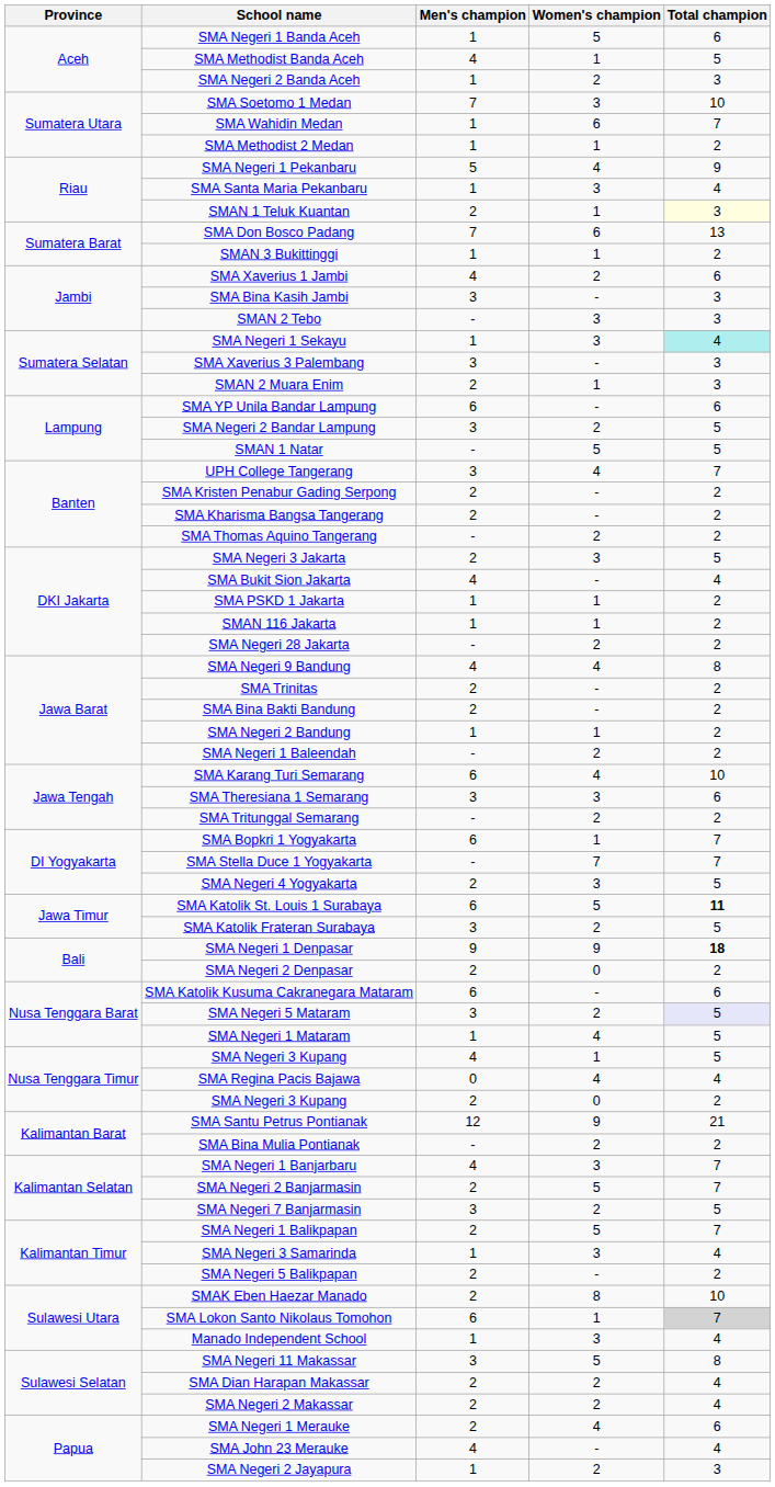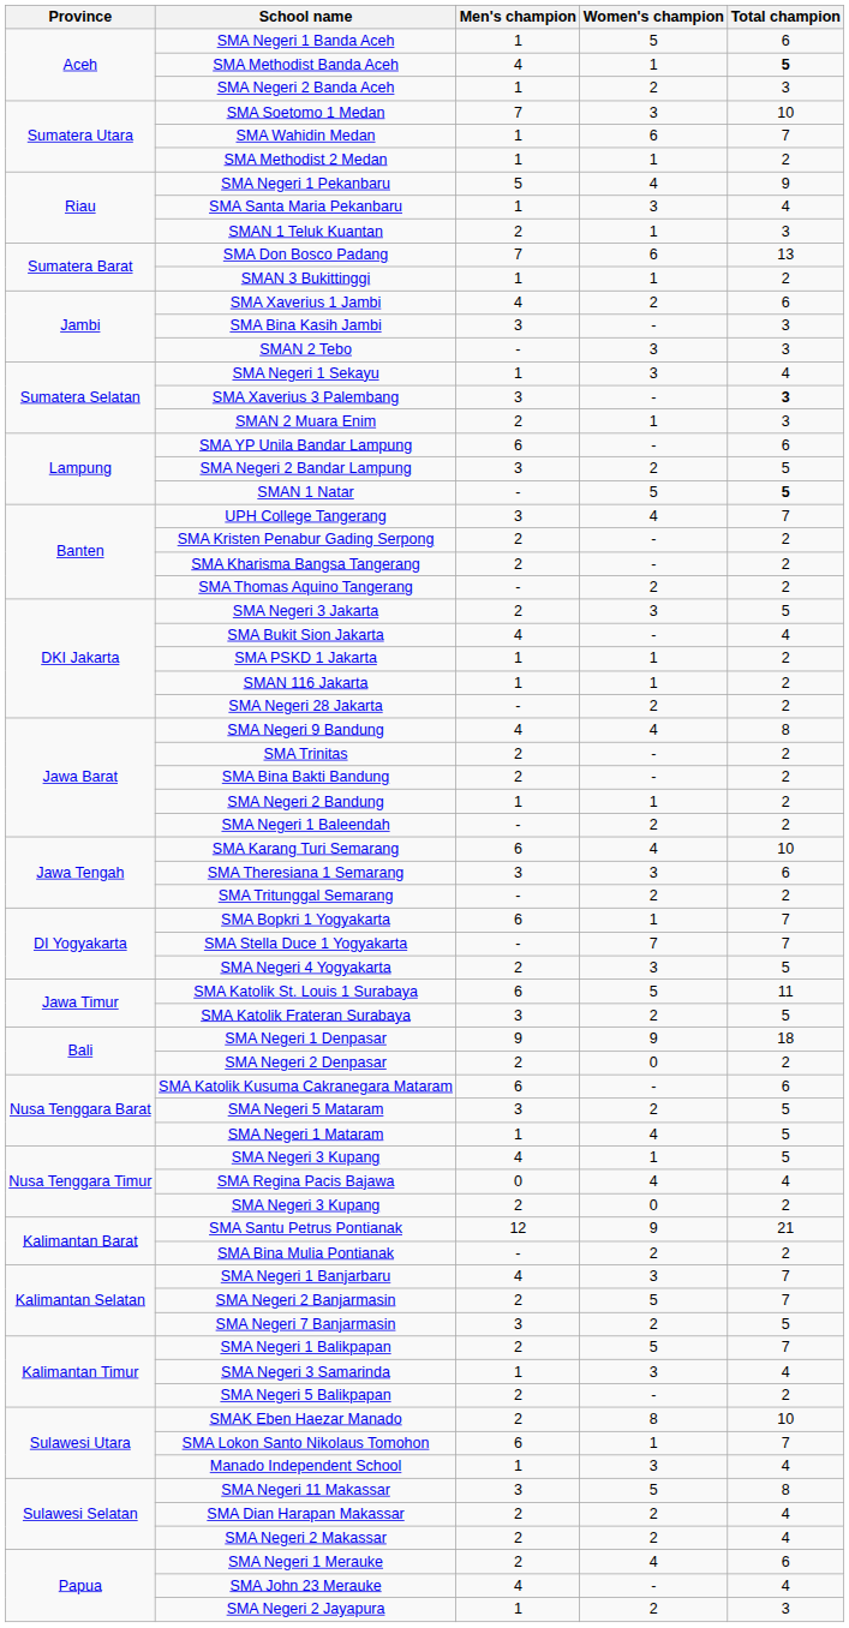 <table class="wikitable" style="text-align:center;">
 <tr style="background-color:#ecf4ff;">
 <th>Province</th>
 <th>School name</th>
 <th>Men's champion</th>
 <th>Women's champion</th>
 <th>Total champion</th>
 </tr>
 <tr>
 <td rowspan="3"><a href='#'>Aceh</a></td>
 <td><a href='#'>SMA Negeri 1 Banda Aceh</a></td>
 <td>1</td>
 <td>5</td>
 <td>6</td>
 </tr>
 <tr>
 <td><a href='#'>SMA Methodist Banda Aceh</a></td>
 <td>4</td>
 <td>1</td>
-<td>5</td>
+<td><strong>5</strong></td>
 </tr>
 <tr>
 <td><a href='#'>SMA Negeri 2 Banda Aceh</a></td>
 <td>1</td>
 <td>2</td>
 <td>3</td>
 </tr>
 <tr>
 <td rowspan="3"><a href='#'>Sumatera Utara</a></td>
 <td><a href='#'>SMA Soetomo 1 Medan</a></td>
 <td>7</td>
 <td>3</td>
 <td>10</td>
 </tr>
 <tr>
 <td><a href='#'>SMA Wahidin Medan</a></td>
 <td>1</td>
 <td>6</td>
 <td>7</td>
 </tr>
 <tr>
 <td><a href='#'>SMA Methodist 2 Medan</a></td>
 <td>1</td>
 <td>1</td>
 <td>2</td>
 </tr>
 <tr>
 <td rowspan="3"><a href='#'>Riau</a></td>
 <td><a href='#'>SMA Negeri 1 Pekanbaru</a></td>
 <td>5</td>
 <td>4</td>
 <td>9</td>
 </tr>
 <tr>
 <td><a href='#'>SMA Santa Maria Pekanbaru</a></td>
 <td>1</td>
 <td>3</td>
 <td>4</td>
 </tr>
 <tr>
 <td><a href='#'>SMAN 1 Teluk Kuantan</a></td>
 <td>2</td>
 <td>1</td>
-<td style="background: lightyellow;">3</td>
+<td>3</td>
 </tr>
 <tr>
 <td rowspan="2"><a href='#'>Sumatera Barat</a></td>
 <td><a href='#'>SMA Don Bosco Padang</a></td>
 <td>7</td>
 <td>6</td>
 <td>13</td>
 </tr>
 <tr>
 <td><a href='#'>SMAN 3 Bukittinggi</a></td>
 <td>1</td>
 <td>1</td>
 <td>2</td>
 </tr>
 <tr>
 <td rowspan="3"><a href='#'>Jambi</a></td>
 <td><a href='#'>SMA Xaverius 1 Jambi</a></td>
 <td>4</td>
 <td>2</td>
 <td>6</td>
 </tr>
 <tr>
 <td><a href='#'>SMA Bina Kasih Jambi</a></td>
 <td>3</td>
 <td>-</td>
 <td>3</td>
 </tr>
 <tr>
 <td><a href='#'>SMAN 2 Tebo</a></td>
 <td>-</td>
 <td>3</td>
 <td>3</td>
 </tr>
 <tr>
 <td rowspan="3"><a href='#'>Sumatera Selatan</a></td>
 <td><a href='#'>SMA Negeri 1 Sekayu</a></td>
 <td>1</td>
 <td>3</td>
-<td style="background: paleturquoise;">4</td>
+<td>4</td>
 </tr>
 <tr>
 <td><a href='#'>SMA Xaverius 3 Palembang</a></td>
 <td>3</td>
 <td>-</td>
-<td>3</td>
+<td><strong>3</strong></td>
 </tr>
 <tr>
 <td><a href='#'>SMAN 2 Muara Enim</a></td>
 <td>2</td>
 <td>1</td>
 <td>3</td>
 </tr>
 <tr>
 <td rowspan="3"><a href='#'>Lampung</a></td>
 <td><a href='#'>SMA YP Unila Bandar Lampung</a></td>
 <td>6</td>
 <td>-</td>
 <td>6</td>
 </tr>
 <tr>
 <td><a href='#'>SMA Negeri 2 Bandar Lampung</a></td>
 <td>3</td>
 <td>2</td>
 <td>5</td>
 </tr>
 <tr>
 <td><a href='#'>SMAN 1 Natar</a></td>
 <td>-</td>
 <td>5</td>
-<td>5</td>
+<td><strong>5</strong></td>
 </tr>
 <tr>
 <td rowspan="4"><a href='#'>Banten</a></td>
 <td><a href='#'>UPH College Tangerang</a></td>
 <td>3</td>
 <td>4</td>
 <td>7</td>
 </tr>
 <tr>
 <td><a href='#'>SMA Kristen Penabur Gading Serpong</a></td>
 <td>2</td>
 <td>-</td>
 <td>2</td>
 </tr>
 <tr>
 <td><a href='#'>SMA Kharisma Bangsa Tangerang</a></td>
 <td>2</td>
 <td>-</td>
 <td>2</td>
 </tr>
 <tr>
 <td><a href='#'>SMA Thomas Aquino Tangerang</a></td>
 <td>-</td>
 <td>2</td>
 <td>2</td>
 </tr>
 <tr>
 <td rowspan="5"><a href='#'>DKI Jakarta</a></td>
 <td><a href='#'>SMA Negeri 3 Jakarta</a></td>
 <td>2</td>
 <td>3</td>
 <td>5</td>
 </tr>
 <tr>
 <td><a href='#'>SMA Bukit Sion Jakarta</a></td>
 <td>4</td>
 <td>-</td>
 <td>4</td>
 </tr>
 <tr>
 <td><a href='#'>SMA PSKD 1 Jakarta</a></td>
 <td>1</td>
 <td>1</td>
 <td>2</td>
 </tr>
 <tr>
 <td><a href='#'>SMAN 116 Jakarta</a></td>
 <td>1</td>
 <td>1</td>
 <td>2</td>
 </tr>
 <tr>
 <td><a href='#'>SMA Negeri 28 Jakarta</a></td>
 <td>-</td>
 <td>2</td>
 <td>2</td>
 </tr>
 <tr>
 <td rowspan="5"><a href='#'>Jawa Barat</a></td>
 <td><a href='#'>SMA Negeri 9 Bandung</a></td>
 <td>4</td>
 <td>4</td>
 <td>8</td>
 </tr>
 <tr>
 <td><a href='#'>SMA Trinitas</a></td>
 <td>2</td>
 <td>-</td>
 <td>2</td>
 </tr>
 <tr>
 <td><a href='#'>SMA Bina Bakti Bandung</a></td>
 <td>2</td>
 <td>-</td>
 <td>2</td>
 </tr>
 <tr>
 <td><a href='#'>SMA Negeri 2 Bandung</a></td>
 <td>1</td>
 <td>1</td>
 <td>2</td>
 </tr>
 <tr>
 <td><a href='#'>SMA Negeri 1 Baleendah</a></td>
 <td>-</td>
 <td>2</td>
 <td>2</td>
 </tr>
 <tr>
 <td rowspan="3"><a href='#'>Jawa Tengah</a></td>
 <td><a href='#'>SMA Karang Turi Semarang</a></td>
 <td>6</td>
 <td>4</td>
 <td>10</td>
 </tr>
 <tr>
 <td><a href='#'>SMA Theresiana 1 Semarang</a></td>
 <td>3</td>
 <td>3</td>
 <td>6</td>
 </tr>
 <tr>
 <td><a href='#'>SMA Tritunggal Semarang</a></td>
 <td>-</td>
 <td>2</td>
 <td>2</td>
 </tr>
 <tr>
 <td rowspan="3"><a href='#'>DI Yogyakarta</a></td>
 <td><a href='#'>SMA Bopkri 1 Yogyakarta</a></td>
 <td>6</td>
 <td>1</td>
 <td>7</td>
 </tr>
 <tr>
 <td><a href='#'>SMA Stella Duce 1 Yogyakarta</a></td>
 <td>-</td>
 <td>7</td>
 <td>7</td>
 </tr>
 <tr>
 <td><a href='#'>SMA Negeri 4 Yogyakarta</a></td>
 <td>2</td>
 <td>3</td>
 <td>5</td>
 </tr>
 <tr>
 <td rowspan="2"><a href='#'>Jawa Timur</a></td>
 <td><a href='#'>SMA Katolik St. Louis 1 Surabaya</a></td>
 <td>6</td>
 <td>5</td>
-<td><strong>11</strong></td>
+<td>11</td>
 </tr>
 <tr>
 <td><a href='#'>SMA Katolik Frateran Surabaya</a></td>
 <td>3</td>
 <td>2</td>
 <td>5</td>
 </tr>
 <tr>
 <td rowspan="2"><a href='#'>Bali</a></td>
 <td><a href='#'>SMA Negeri 1 Denpasar</a></td>
 <td>9</td>
 <td>9</td>
-<td><strong>18</strong></td>
+<td>18</td>
 </tr>
 <tr>
 <td><a href='#'>SMA Negeri 2 Denpasar</a></td>
 <td>2</td>
 <td>0</td>
 <td>2</td>
 </tr>
 <tr>
 <td rowspan="3"><a href='#'>Nusa Tenggara Barat</a></td>
 <td><a href='#'>SMA Katolik Kusuma Cakranegara Mataram</a></td>
 <td>6</td>
 <td>-</td>
 <td>6</td>
 </tr>
 <tr>
 <td><a href='#'>SMA Negeri 5 Mataram</a></td>
 <td>3</td>
 <td>2</td>
-<td style="background: lavender;">5</td>
+<td>5</td>
 </tr>
 <tr>
 <td><a href='#'>SMA Negeri 1 Mataram</a></td>
 <td>1</td>
 <td>4</td>
 <td>5</td>
 </tr>
 <tr>
 <td rowspan="3"><a href='#'>Nusa Tenggara Timur</a></td>
 <td><a href='#'>SMA Negeri 3 Kupang</a></td>
 <td>4</td>
 <td>1</td>
 <td>5</td>
 </tr>
 <tr>
 <td><a href='#'>SMA Regina Pacis Bajawa</a></td>
 <td>0</td>
 <td>4</td>
 <td>4</td>
 </tr>
 <tr>
 <td><a href='#'>SMA Negeri 3 Kupang</a></td>
 <td>2</td>
 <td>0</td>
 <td>2</td>
 </tr>
 <tr>
 <td rowspan="2"><a href='#'>Kalimantan Barat</a></td>
 <td><a href='#'>SMA Santu Petrus Pontianak</a></td>
 <td>12</td>
 <td>9</td>
 <td>21</td>
 </tr>
 <tr>
 <td><a href='#'>SMA Bina Mulia Pontianak</a></td>
 <td>-</td>
 <td>2</td>
 <td>2</td>
 </tr>
 <tr>
 <td rowspan="3"><a href='#'>Kalimantan Selatan</a></td>
 <td><a href='#'>SMA Negeri 1 Banjarbaru</a></td>
 <td>4</td>
 <td>3</td>
 <td>7</td>
 </tr>
 <tr>
 <td><a href='#'>SMA Negeri 2 Banjarmasin</a></td>
 <td>2</td>
 <td>5</td>
 <td>7</td>
 </tr>
 <tr>
 <td><a href='#'>SMA Negeri 7 Banjarmasin</a></td>
 <td>3</td>
 <td>2</td>
 <td>5</td>
 </tr>
 <tr>
 <td rowspan="3"><a href='#'>Kalimantan Timur</a></td>
 <td><a href='#'>SMA Negeri 1 Balikpapan</a></td>
 <td>2</td>
 <td>5</td>
 <td>7</td>
 </tr>
 <tr>
 <td><a href='#'>SMA Negeri 3 Samarinda</a></td>
 <td>1</td>
 <td>3</td>
 <td>4</td>
 </tr>
 <tr>
 <td><a href='#'>SMA Negeri 5 Balikpapan</a></td>
 <td>2</td>
 <td>-</td>
 <td>2</td>
 </tr>
 <tr>
 <td rowspan="3"><a href='#'>Sulawesi Utara</a></td>
 <td><a href='#'>SMAK Eben Haezar Manado</a></td>
 <td>2</td>
 <td>8</td>
 <td>10</td>
 </tr>
 <tr>
 <td><a href='#'>SMA Lokon Santo Nikolaus Tomohon</a></td>
 <td>6</td>
 <td>1</td>
-<td style="background: lightgrey;">7</td>
+<td>7</td>
 </tr>
 <tr>
 <td><a href='#'>Manado Independent School</a></td>
 <td>1</td>
 <td>3</td>
 <td>4</td>
 </tr>
 <tr>
 <td rowspan="3"><a href='#'>Sulawesi Selatan</a></td>
 <td><a href='#'>SMA Negeri 11 Makassar</a></td>
 <td>3</td>
 <td>5</td>
 <td>8</td>
 </tr>
 <tr>
 <td><a href='#'>SMA Dian Harapan Makassar</a></td>
 <td>2</td>
 <td>2</td>
 <td>4</td>
 </tr>
 <tr>
 <td><a href='#'>SMA Negeri 2 Makassar</a></td>
 <td>2</td>
 <td>2</td>
 <td>4</td>
 </tr>
 <tr>
 <td rowspan="3"><a href='#'>Papua</a></td>
 <td><a href='#'>SMA Negeri 1 Merauke</a></td>
 <td>2</td>
 <td>4</td>
 <td>6</td>
 </tr>
 <tr>
 <td><a href='#'>SMA John 23 Merauke</a></td>
 <td>4</td>
 <td>-</td>
 <td>4</td>
 </tr>
 <tr>
 <td><a href='#'>SMA Negeri 2 Jayapura</a></td>
 <td>1</td>
 <td>2</td>
 <td>3</td>
 </tr>
 </table>
